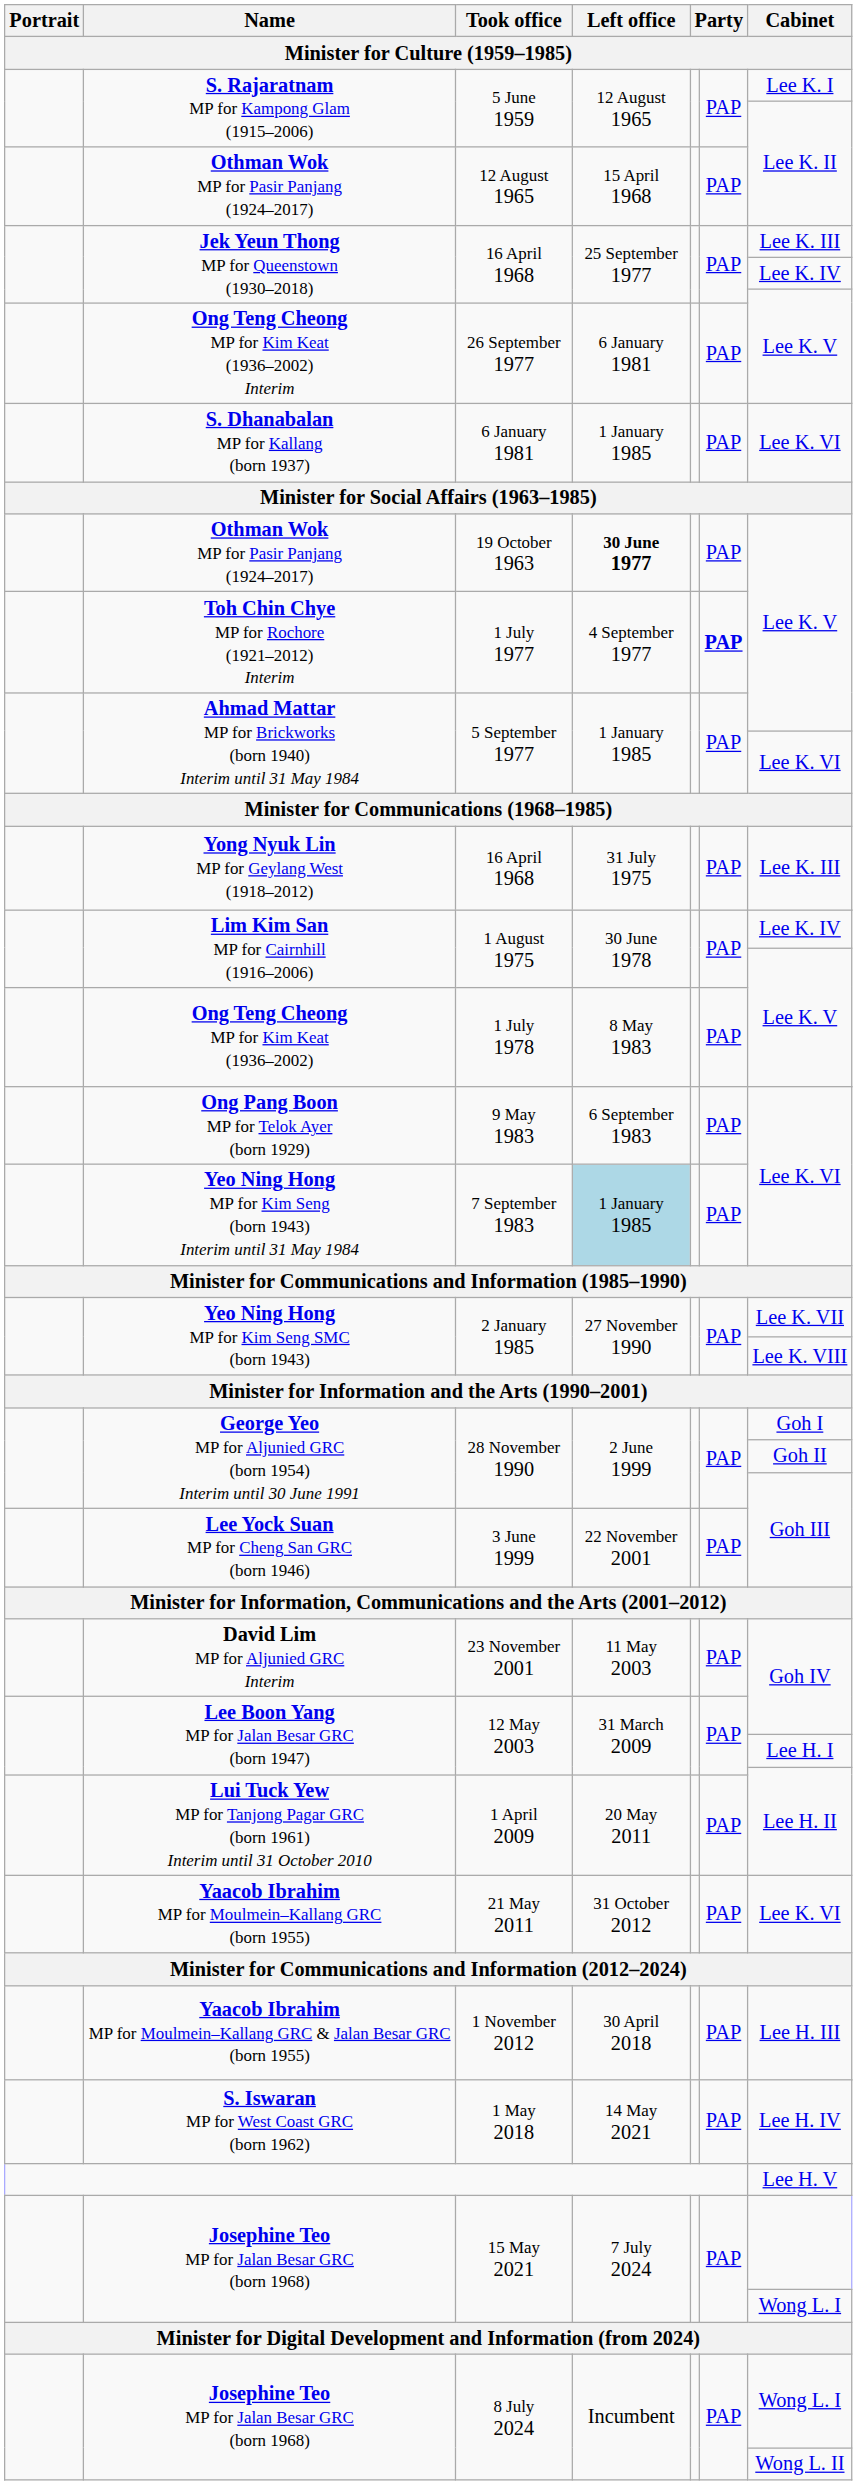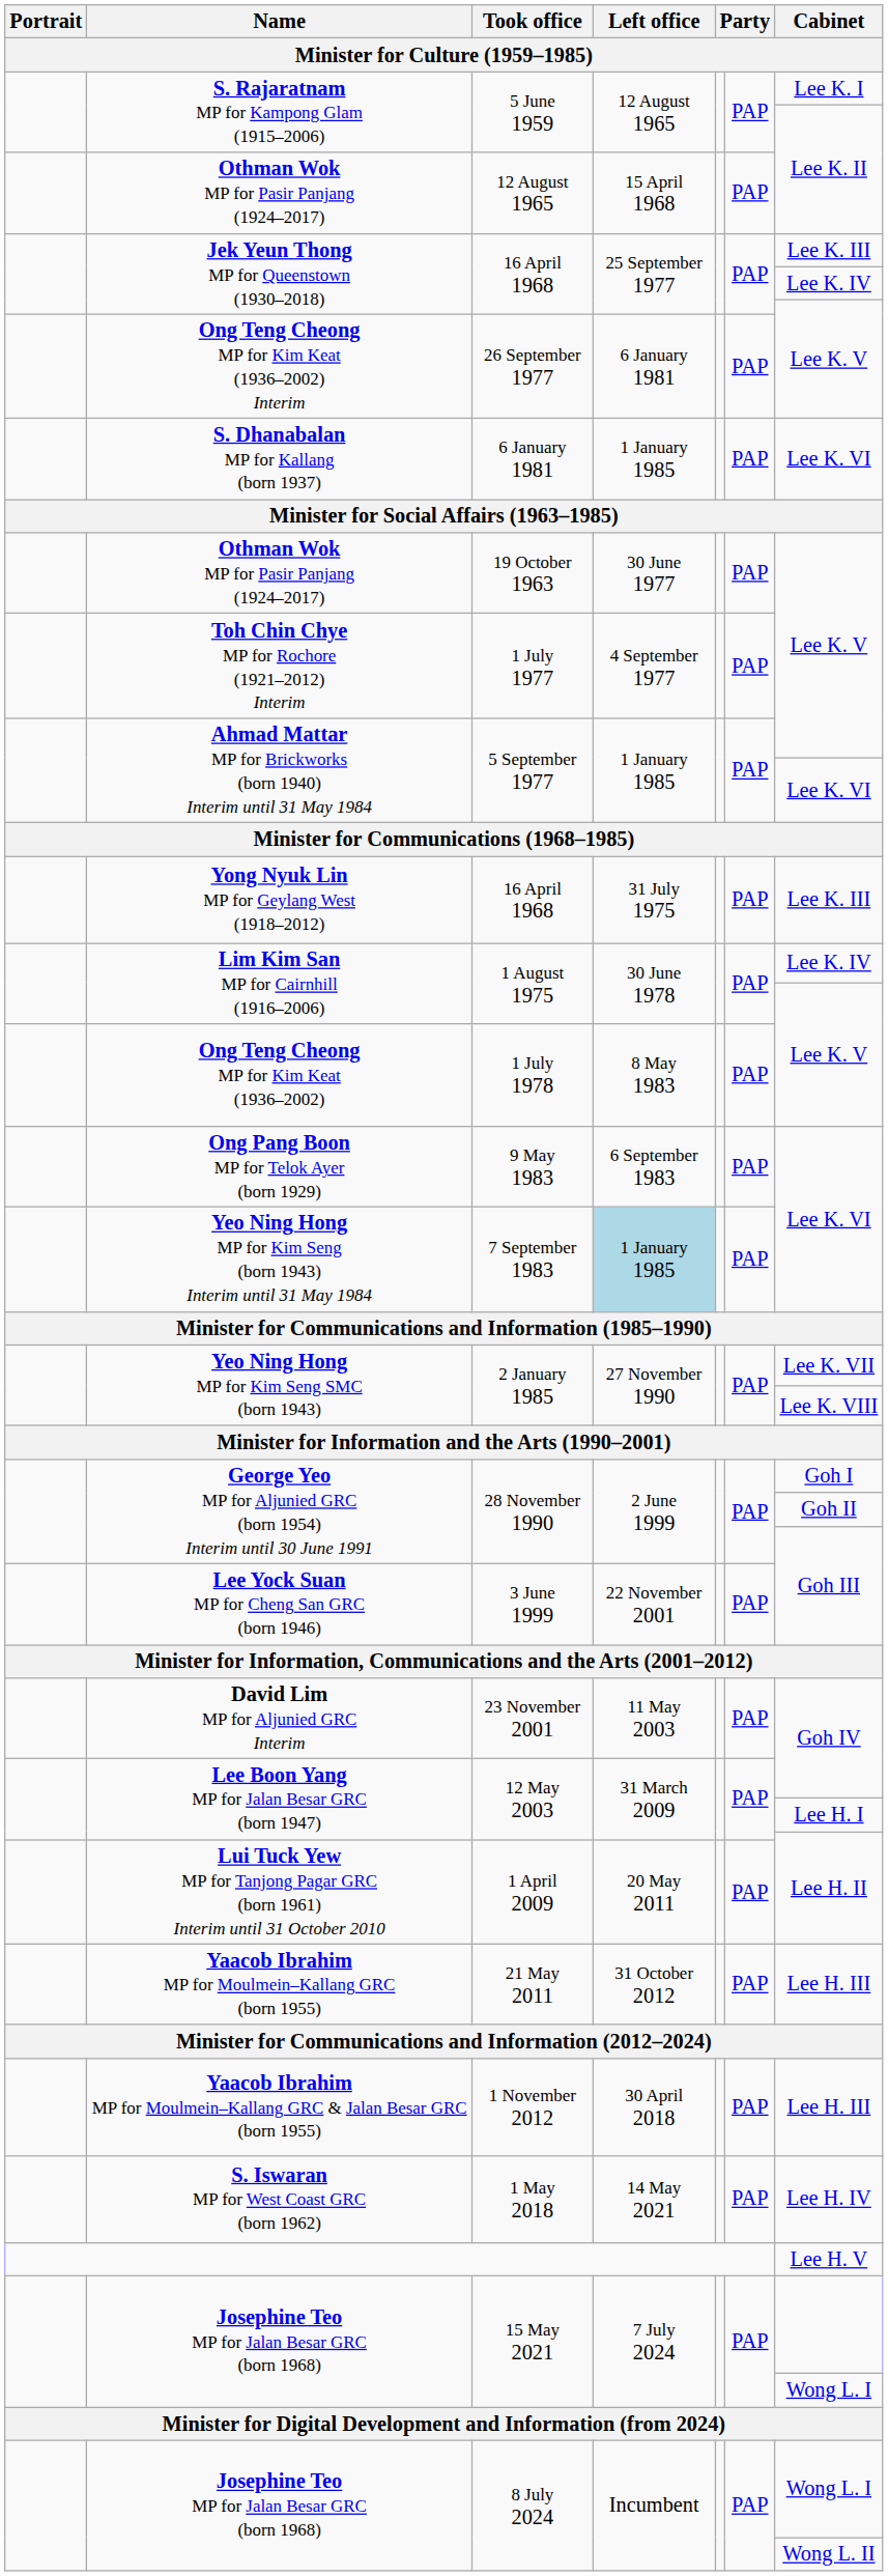 <table class="wikitable" style="text-align:center; border:1px #aaf solid;">
 <tr>
 <th>Portrait</th>
 <th>Name<br></th>
 <th width="85">Took office</th>
 <th width="85">Left office</th>
 <th colspan="2">Party</th>
 <th>Cabinet</th>
 </tr>
 <tr>
 <th colspan="7">Minister for Culture (1959–1985)</th>
 </tr>
 <tr>
 <td rowspan="2"></td>
 <td rowspan="2"><strong><a href='#'>S. Rajaratnam</a></strong><br><small>MP for <a href='#'>Kampong Glam</a></small><br><small>(1915–2006)</small></td>
 <td rowspan="2"><small>5 June</small><br>1959</td>
 <td rowspan="2"><small>12 August</small><br>1965</td>
 <td rowspan="2" style="background:"></td>
 <td rowspan="2"><a href='#'>PAP</a></td>
 <td><a href='#'>Lee K. I</a></td>
 </tr>
 <tr>
 <td rowspan="2"><a href='#'>Lee K. II</a></td>
 </tr>
 <tr>
 <td></td>
 <td><strong><a href='#'>Othman Wok</a></strong><br><small>MP for <a href='#'>Pasir Panjang</a></small><br><small>(1924–2017)</small></td>
 <td><small>12 August</small><br>1965</td>
 <td><small>15 April</small><br>1968</td>
 <td style="background:"></td>
 <td><a href='#'>PAP</a></td>
 </tr>
 <tr>
 <td rowspan="3"></td>
 <td rowspan="3"><strong><a href='#'>Jek Yeun Thong</a></strong><br><small>MP for <a href='#'>Queenstown</a></small><br><small>(1930–2018)</small></td>
 <td rowspan="3"><small>16 April</small><br>1968</td>
 <td rowspan="3"><small>25 September</small><br>1977</td>
 <td rowspan="3" style="background:"></td>
 <td rowspan="3"><a href='#'>PAP</a></td>
 <td><a href='#'>Lee K. III</a></td>
 </tr>
 <tr>
 <td><a href='#'>Lee K. IV</a></td>
 </tr>
 <tr>
 <td rowspan="2"><a href='#'>Lee K. V</a></td>
 </tr>
 <tr>
 <td></td>
 <td><strong><a href='#'>Ong Teng Cheong</a></strong><br><small>MP for <a href='#'>Kim Keat</a></small><br><small>(1936–2002)</small><br><small><em>Interim</em></small></td>
 <td><small>26 September</small><br>1977</td>
 <td><small>6 January</small><br>1981</td>
 <td style="background:"></td>
 <td><a href='#'>PAP</a></td>
 </tr>
 <tr>
 <td></td>
 <td><strong><a href='#'>S. Dhanabalan</a></strong><br><small>MP for <a href='#'>Kallang</a></small><br><small>(born 1937)</small></td>
 <td><small>6 January</small><br>1981</td>
 <td><small>1 January</small><br>1985</td>
 <td style="background:"></td>
 <td><a href='#'>PAP</a></td>
 <td><a href='#'>Lee K. VI</a></td>
 </tr>
 <tr>
 <th colspan="7">Minister for Social Affairs (1963–1985)</th>
 </tr>
 <tr>
 <td></td>
 <td><strong><a href='#'>Othman Wok</a></strong><br><small>MP for <a href='#'>Pasir Panjang</a></small><br><small>(1924–2017)</small></td>
 <td><small>19 October</small><br>1963</td>
-<td><strong><small>30 June</small><br>1977</strong></td>
+<td><small>30 June</small><br>1977</td>
 <td style="background:"></td>
 <td><a href='#'>PAP</a></td>
 <td rowspan="3"><a href='#'>Lee K. V</a></td>
 </tr>
 <tr>
 <td></td>
 <td><strong><a href='#'>Toh Chin Chye</a></strong><br><small>MP for <a href='#'>Rochore</a></small><br><small>(1921–2012)</small><br><small><em>Interim</em></small></td>
 <td><small>1 July</small><br>1977</td>
 <td><small>4 September</small><br>1977</td>
 <td style="background:"></td>
-<td><strong><a href='#'>PAP</a></strong></td>
+<td><a href='#'>PAP</a></td>
 </tr>
 <tr style="height:30px;">
 <td rowspan="2"></td>
 <td rowspan="2"><strong><a href='#'>Ahmad Mattar</a></strong><br><small>MP for <a href='#'>Brickworks</a></small><br><small>(born 1940)</small><br><small><em>Interim until 31 May 1984</em></small></td>
 <td rowspan="2"><small>5 September</small><br>1977</td>
 <td rowspan="2"><small>1 January</small><br>1985</td>
 <td rowspan="2" style="background:"></td>
 <td rowspan="2"><a href='#'>PAP</a></td>
 </tr>
 <tr>
 <td><a href='#'>Lee K. VI</a></td>
 </tr>
 <tr>
 <th colspan="7">Minister for Communications (1968–1985)</th>
 </tr>
 <tr style="height:66px;">
 <td rowspan="2"></td>
 <td rowspan="2"><strong><a href='#'>Yong Nyuk Lin</a></strong><br><small>MP for <a href='#'>Geylang West</a></small><br><small>(1918–2012)</small></td>
 <td rowspan="2"><small>16 April</small><br>1968</td>
 <td rowspan="2"><small>31 July</small><br>1975</td>
 <td rowspan="2" style="background:"></td>
 <td rowspan="2"><a href='#'>PAP</a></td>
 <td><a href='#'>Lee K. III</a></td>
 </tr>
 <tr>
 <td rowspan="2"><a href='#'>Lee K. IV</a></td>
 </tr>
 <tr style="height:30px;">
 <td rowspan="2"></td>
 <td rowspan="2"><strong><a href='#'>Lim Kim San</a></strong><br><small>MP for <a href='#'>Cairnhill</a></small><br><small>(1916–2006)</small></td>
 <td rowspan="2"><small>1 August</small><br>1975</td>
 <td rowspan="2"><small>30 June</small><br>1978</td>
 <td rowspan="2" style="background:"></td>
 <td rowspan="2"><a href='#'>PAP</a></td>
 </tr>
 <tr>
 <td rowspan="2"><a href='#'>Lee K. V</a></td>
 </tr>
 <tr style="height:78px;">
 <td rowspan="2"></td>
 <td rowspan="2"><strong><a href='#'>Ong Teng Cheong</a></strong><br><small>MP for <a href='#'>Kim Keat</a></small><br><small>(1936–2002)</small></td>
 <td rowspan="2"><small>1 July</small><br>1978</td>
 <td rowspan="2"><small>8 May</small><br>1983</td>
 <td rowspan="2" style="background:"></td>
 <td rowspan="2"><a href='#'>PAP</a></td>
 </tr>
 <tr>
 <td rowspan="3"><a href='#'>Lee K. VI</a></td>
 </tr>
 <tr>
 <td></td>
 <td><strong><a href='#'>Ong Pang Boon</a></strong><br><small>MP for <a href='#'>Telok Ayer</a></small><br><small>(born 1929)</small></td>
 <td><small>9 May</small><br>1983</td>
 <td><small>6 September</small><br>1983</td>
 <td style="background:"></td>
 <td><a href='#'>PAP</a></td>
 </tr>
 <tr>
 <td></td>
 <td><strong><a href='#'>Yeo Ning Hong</a></strong><br><small>MP for <a href='#'>Kim Seng</a></small><br><small>(born 1943)</small><br><small><em>Interim until 31 May 1984</em></small></td>
 <td><small>7 September</small><br>1983</td>
 <td style="background: lightblue;"><small>1 January</small><br>1985</td>
 <td style="background:"></td>
 <td><a href='#'>PAP</a></td>
 </tr>
 <tr>
 <th colspan="7">Minister for Communications and Information (1985–1990)</th>
 </tr>
 <tr>
 <td rowspan="2"></td>
 <td rowspan="2"><strong><a href='#'>Yeo Ning Hong</a></strong><br><small>MP for <a href='#'>Kim Seng SMC</a></small><br><small>(born 1943)</small></td>
 <td rowspan="2"><small>2 January</small><br>1985</td>
 <td rowspan="2"><small>27 November</small><br>1990</td>
 <td rowspan="2" style="background:"></td>
 <td rowspan="2"><a href='#'>PAP</a></td>
 <td><a href='#'>Lee K. VII</a></td>
 </tr>
 <tr>
 <td><a href='#'>Lee K. VIII</a></td>
 </tr>
 <tr>
 <th colspan="7">Minister for Information and the Arts (1990–2001)</th>
 </tr>
 <tr>
 <td rowspan="3"></td>
 <td rowspan="3"><strong><a href='#'>George Yeo</a></strong><br><small>MP for <a href='#'>Aljunied GRC</a></small><br><small>(born 1954)</small><br><small><em>Interim until 30 June 1991</em></small></td>
 <td rowspan="3"><small>28 November</small><br>1990</td>
 <td rowspan="3"><small>2 June</small><br>1999</td>
 <td rowspan="3" style="background:"></td>
 <td rowspan="3"><a href='#'>PAP</a></td>
 <td><a href='#'>Goh I</a></td>
 </tr>
 <tr>
 <td><a href='#'>Goh II</a></td>
 </tr>
 <tr>
 <td rowspan="2"><a href='#'>Goh III</a></td>
 </tr>
 <tr>
 <td></td>
 <td><strong><a href='#'>Lee Yock Suan</a></strong><br><small>MP for <a href='#'>Cheng San GRC</a></small><br><small>(born 1946)</small></td>
 <td><small>3 June</small><br>1999</td>
 <td><small>22 November</small><br>2001</td>
 <td style="background:"></td>
 <td><a href='#'>PAP</a></td>
 </tr>
 <tr>
 <th colspan="7">Minister for Information, Communications and the Arts (2001–2012)</th>
 </tr>
 <tr>
 <td></td>
 <td><strong>David Lim</strong><br><small>MP for <a href='#'>Aljunied GRC</a></small><br><small><em>Interim</em></small></td>
 <td><small>23 November</small><br>2001</td>
 <td><small>11 May</small><br>2003</td>
 <td style="background:"></td>
 <td><a href='#'>PAP</a></td>
 <td rowspan="2"><a href='#'>Goh IV</a></td>
 </tr>
 <tr style="height:30px;">
 <td rowspan="3"></td>
 <td rowspan="3"><strong><a href='#'>Lee Boon Yang</a></strong><br><small>MP for <a href='#'>Jalan Besar GRC</a></small><br><small>(born 1947)</small></td>
 <td rowspan="3"><small>12 May</small><br>2003</td>
 <td rowspan="3"><small>31 March</small><br>2009</td>
 <td rowspan="3" style="background:"></td>
 <td rowspan="3"><a href='#'>PAP</a></td>
 </tr>
 <tr>
 <td><a href='#'>Lee H. I</a></td>
 </tr>
 <tr>
 <td rowspan="2"><a href='#'>Lee H. II</a></td>
 </tr>
 <tr>
 <td></td>
 <td><strong><a href='#'>Lui Tuck Yew</a></strong><br><small>MP for <a href='#'>Tanjong Pagar GRC</a></small><br><small>(born 1961)</small><br><small><em>Interim until 31 October 2010</em></small></td>
 <td><small>1 April</small><br>2009</td>
 <td><small>20 May</small><br>2011</td>
 <td style="background:"></td>
 <td><a href='#'>PAP</a></td>
 </tr>
 <tr>
 <td></td>
 <td><strong><a href='#'>Yaacob Ibrahim</a></strong><br><small>MP for <a href='#'>Moulmein–Kallang GRC</a></small><br><small>(born 1955)</small></td>
 <td><small>21 May</small><br>2011</td>
 <td><small>31 October</small><br>2012</td>
 <td style="background:"></td>
 <td><a href='#'>PAP</a></td>
-<td><a href='#'>Lee K. VI</a></td>
+<td><a href='#'>Lee H. III</a></td>
 </tr>
 <tr>
 <th colspan="7">Minister for Communications and Information (2012–2024)</th>
 </tr>
 <tr style="height:74px;">
 <td rowspan="2"></td>
 <td rowspan="2"><strong><a href='#'>Yaacob Ibrahim</a></strong><br><small>MP for <a href='#'>Moulmein–Kallang GRC</a> & <a href='#'>Jalan Besar GRC</a></small><br><small>(born 1955)</small></td>
 <td rowspan="2"><small>1 November</small><br>2012</td>
 <td rowspan="2"><small>30 April</small><br>2018</td>
 <td rowspan="2" style="background:"></td>
 <td rowspan="2"><a href='#'>PAP</a></td>
 <td><a href='#'>Lee H. III</a></td>
 </tr>
 <tr>
 <td rowspan="2"><a href='#'>Lee H. IV</a></td>
 </tr>
 <tr style="height:66px;">
 <td rowspan="2"></td>
 <td rowspan="2"><strong><a href='#'>S. Iswaran</a></strong><br><small>MP for <a href='#'>West Coast GRC</a></small><br><small>(born 1962)</small></td>
 <td rowspan="2"><small>1 May</small><br>2018</td>
 <td rowspan="2"><small>14 May</small><br>2021</td>
 <td rowspan="2" style="background:"></td>
 <td rowspan="2"><a href='#'>PAP</a></td>
 </tr>
 <tr>
 <td rowspan="2"><a href='#'>Lee H. V</a></td>
 </tr>
 <tr>
 </tr>
 <tr style="height:74px;">
 <td rowspan="2"></td>
 <td rowspan="2"><strong><a href='#'>Josephine Teo</a></strong><br><small>MP for <a href='#'>Jalan Besar GRC</a></small><br><small>(born 1968)</small></td>
 <td rowspan="2"><small>15 May</small><br>2021</td>
 <td rowspan="2"><small>7 July</small><br>2024</td>
 <td rowspan="2" style="background:"></td>
 <td rowspan="2"><a href='#'>PAP</a></td>
 </tr>
 <tr>
 <td><a href='#'>Wong L. I</a></td>
 </tr>
 <tr>
 <th colspan="7">Minister for Digital Development and Information (from 2024)</th>
 </tr>
 <tr style="height:74px;">
 <td rowspan="2"></td>
 <td rowspan="2"><strong><a href='#'>Josephine Teo</a></strong><br><small>MP for <a href='#'>Jalan Besar GRC</a></small><br><small>(born 1968)</small></td>
 <td rowspan="2"><small>8 July</small><br>2024</td>
 <td rowspan="2">Incumbent</td>
 <td rowspan="2" style="background:"></td>
 <td rowspan="2"><a href='#'>PAP</a></td>
 <td><a href='#'>Wong L. I</a></td>
 </tr>
 <tr>
 <td><a href='#'>Wong L. II</a></td>
 </tr>
 </table>
